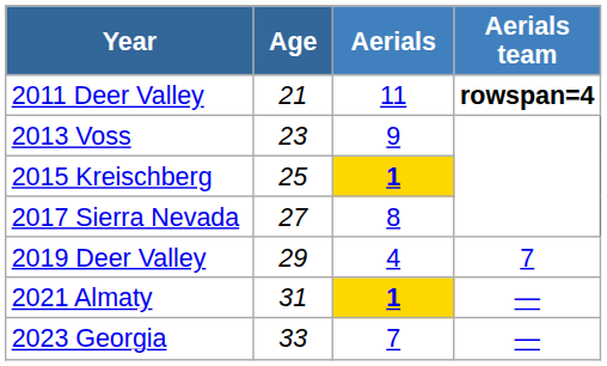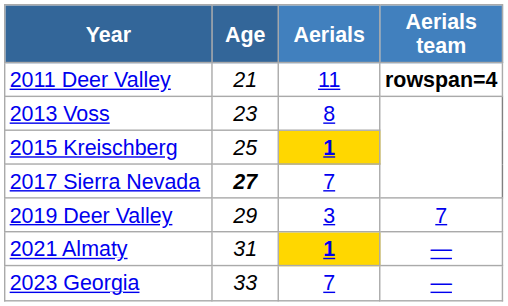 <table class="wikitable" style="font-size:95%; text-align:center; border:grey solid 1px; border-collapse:collapse; background:#ffffff;">
 <tr>
 <th style="background-color:#369; color:white;    width:140px;">Year</th>
 <th style="background-color:#369; color:white;    width:40px;">Age</th>
 <th style="background-color:#4180be; color:white; width:65px;">Aerials</th>
 <th style="background-color:#4180be; color:white; width:65px;">Aerials team</th>
 </tr>
 <tr>
 <td align=left> <a href='#'>2011 Deer Valley</a></td>
 <td><em>21</em></td>
 <td><a href='#'>11</a></td>
 <td><strong>rowspan=4 </strong></td>
 </tr>
 <tr>
 <td align=left> <a href='#'>2013 Voss</a></td>
 <td><em>23</em></td>
-<td><a href='#'>9</a></td>
+<td><a href='#'>8</a></td>
 </tr>
 <tr>
 <td align=left> <a href='#'>2015 Kreischberg</a></td>
 <td><em>25</em></td>
 <td style="background:gold;"><strong><a href='#'>1</a></strong></td>
 </tr>
 <tr>
 <td align=left> <a href='#'>2017 Sierra Nevada</a></td>
-<td><em>27</em></td>
-<td><a href='#'>8</a></td>
+<td><strong><em>27</em></strong></td>
+<td><a href='#'>7</a></td>
 </tr>
 <tr>
 <td align=left> <a href='#'>2019 Deer Valley</a></td>
 <td><em>29</em></td>
-<td><a href='#'>4</a></td>
+<td><a href='#'>3</a></td>
 <td><a href='#'>7</a></td>
 </tr>
 <tr>
 <td align=left> <a href='#'>2021 Almaty</a></td>
 <td><em>31</em></td>
 <td style="background:gold;"><strong><a href='#'>1</a></strong></td>
 <td><a href='#'>—</a></td>
 </tr>
 <tr>
 <td align=left> <a href='#'>2023 Georgia</a></td>
 <td><em>33</em></td>
 <td><a href='#'>7</a></td>
 <td><a href='#'>—</a></td>
 </tr>
 </table>
